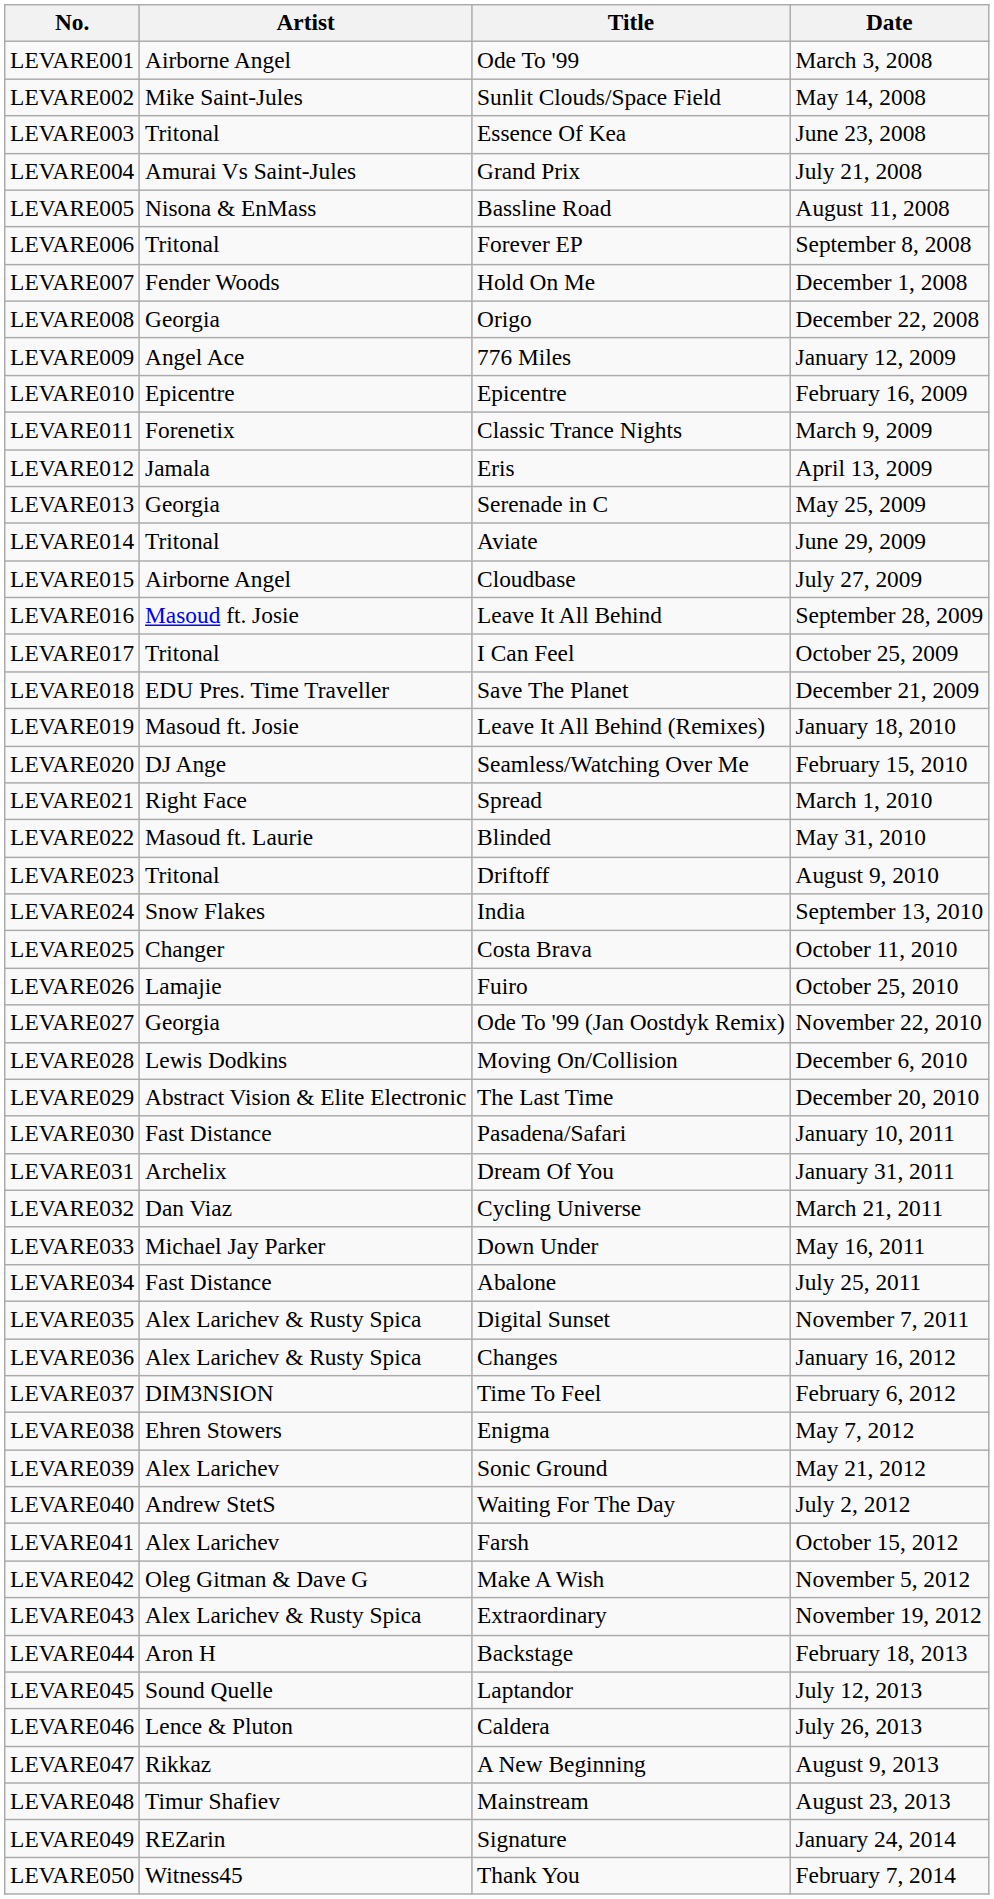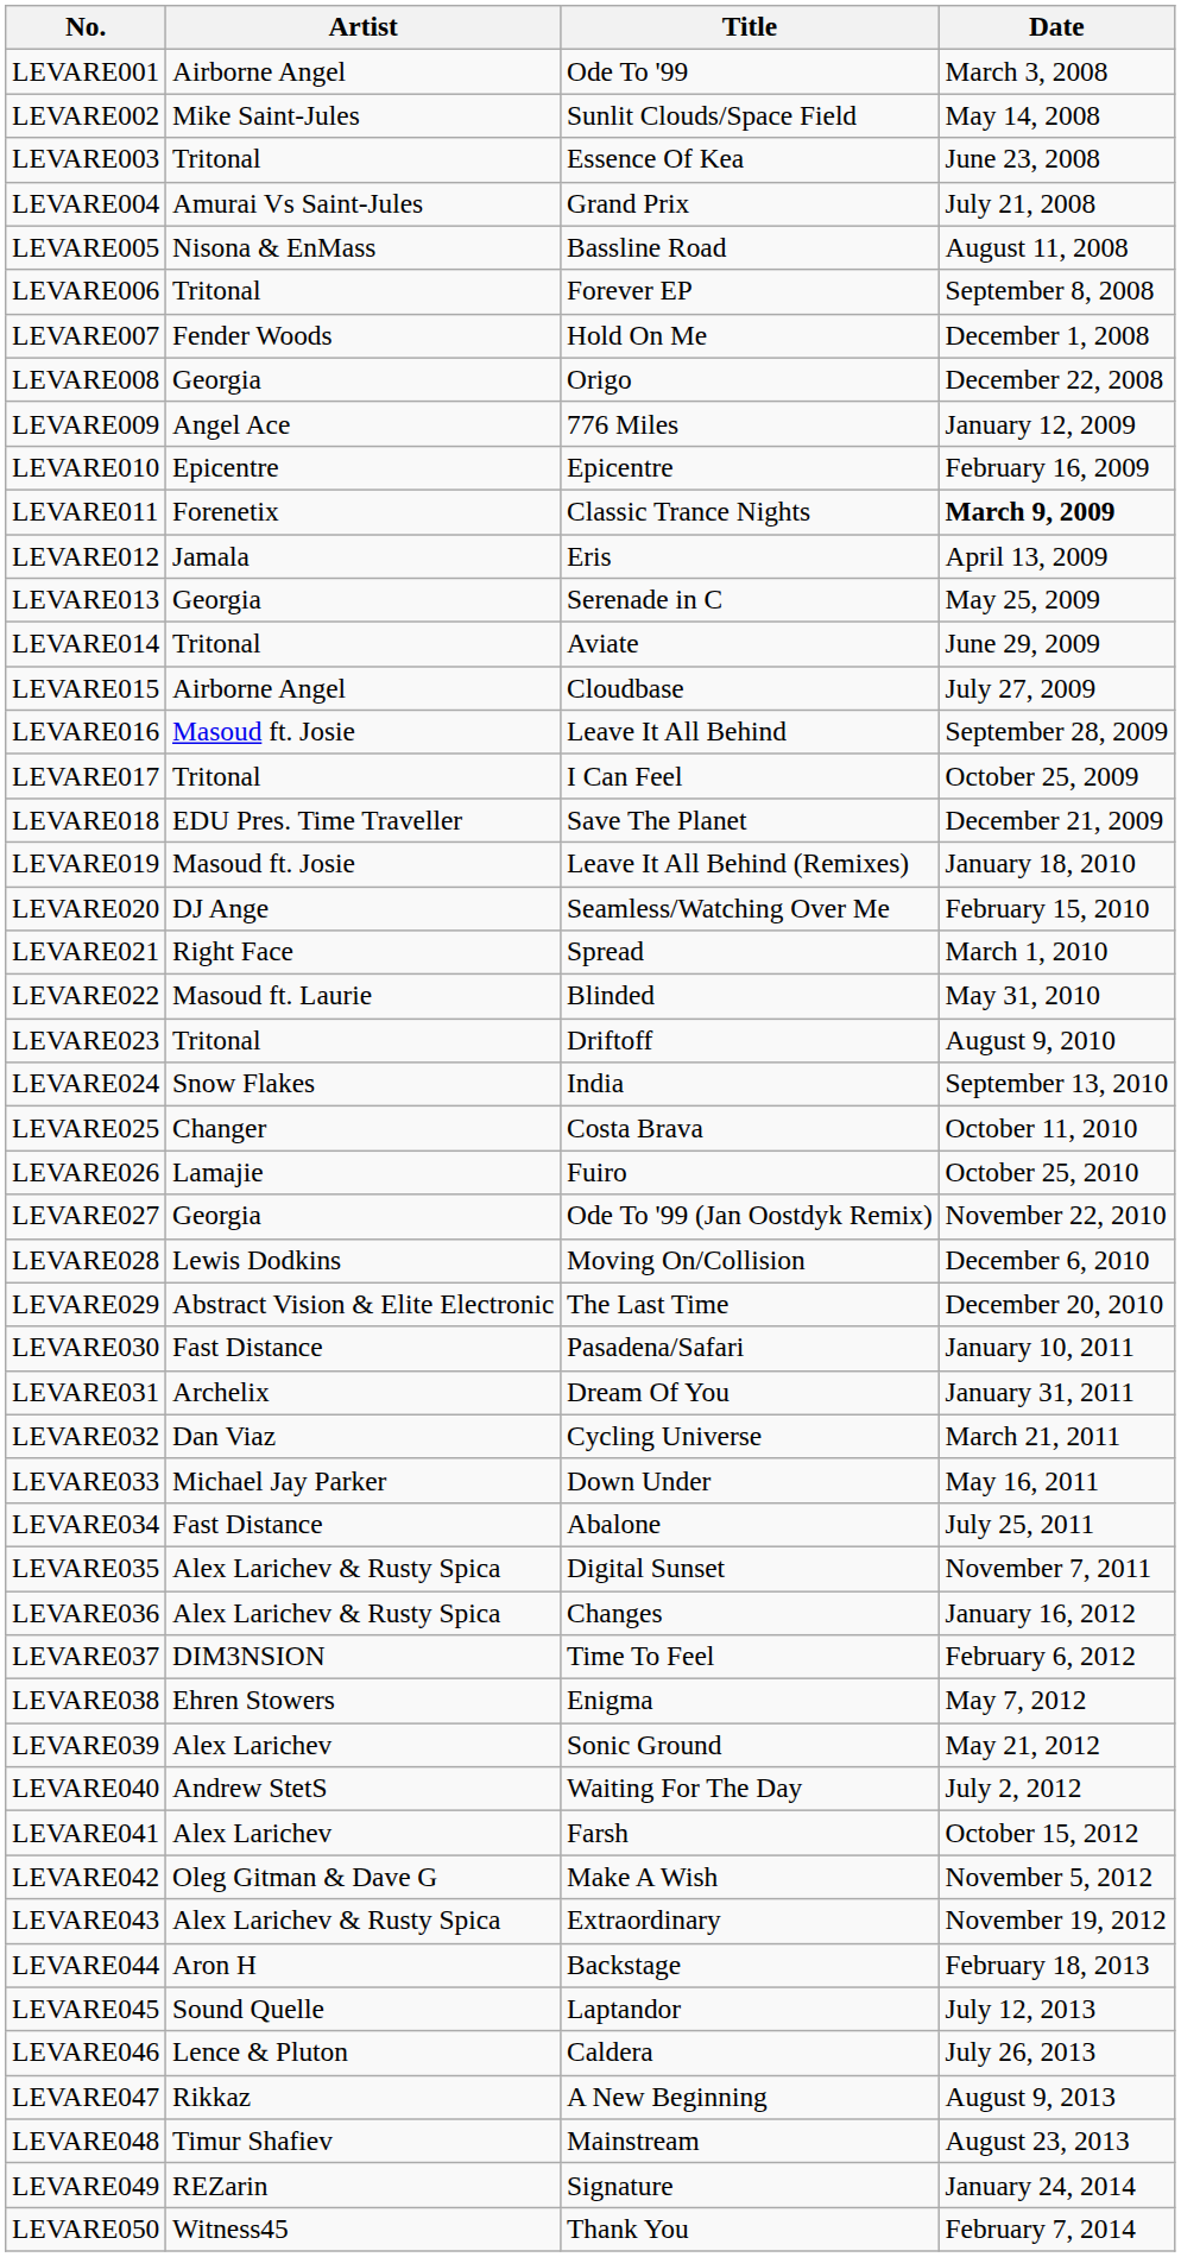 <table class="wikitable sortable">
 <tr>
 <th>No.</th>
 <th>Artist</th>
 <th>Title</th>
 <th>Date</th>
 </tr>
 <tr>
 <td>LEVARE001</td>
 <td>Airborne Angel</td>
 <td>Ode To '99</td>
 <td>March 3, 2008</td>
 </tr>
 <tr>
 <td>LEVARE002</td>
 <td>Mike Saint-Jules</td>
 <td>Sunlit Clouds/Space Field</td>
 <td>May 14, 2008</td>
 </tr>
 <tr>
 <td>LEVARE003</td>
 <td>Tritonal</td>
 <td>Essence Of Kea</td>
 <td>June 23, 2008</td>
 </tr>
 <tr>
 <td>LEVARE004</td>
 <td>Amurai Vs Saint-Jules</td>
 <td>Grand Prix</td>
 <td>July 21, 2008</td>
 </tr>
 <tr>
 <td>LEVARE005</td>
 <td>Nisona & EnMass</td>
 <td>Bassline Road</td>
 <td>August 11, 2008</td>
 </tr>
 <tr>
 <td>LEVARE006</td>
 <td>Tritonal</td>
 <td>Forever EP</td>
 <td>September 8, 2008</td>
 </tr>
 <tr>
 <td>LEVARE007</td>
 <td>Fender Woods</td>
 <td>Hold On Me</td>
 <td>December 1, 2008</td>
 </tr>
 <tr>
 <td>LEVARE008</td>
 <td>Georgia</td>
 <td>Origo</td>
 <td>December 22, 2008</td>
 </tr>
 <tr>
 <td>LEVARE009</td>
 <td>Angel Ace</td>
 <td>776 Miles</td>
 <td>January 12, 2009</td>
 </tr>
 <tr>
 <td>LEVARE010</td>
 <td>Epicentre</td>
 <td>Epicentre</td>
 <td>February 16, 2009</td>
 </tr>
 <tr>
 <td>LEVARE011</td>
 <td>Forenetix</td>
 <td>Classic Trance Nights</td>
-<td>March 9, 2009</td>
+<td><strong>March 9, 2009</strong></td>
 </tr>
 <tr>
 <td>LEVARE012</td>
 <td>Jamala</td>
 <td>Eris</td>
 <td>April 13, 2009</td>
 </tr>
 <tr>
 <td>LEVARE013</td>
 <td>Georgia</td>
 <td>Serenade in C</td>
 <td>May 25, 2009</td>
 </tr>
 <tr>
 <td>LEVARE014</td>
 <td>Tritonal</td>
 <td>Aviate</td>
 <td>June 29, 2009</td>
 </tr>
 <tr>
 <td>LEVARE015</td>
 <td>Airborne Angel</td>
 <td>Cloudbase</td>
 <td>July 27, 2009</td>
 </tr>
 <tr>
 <td>LEVARE016</td>
 <td><a href='#'>Masoud</a> ft. Josie</td>
 <td>Leave It All Behind</td>
 <td>September 28, 2009</td>
 </tr>
 <tr>
 <td>LEVARE017</td>
 <td>Tritonal</td>
 <td>I Can Feel</td>
 <td>October 25, 2009</td>
 </tr>
 <tr>
 <td>LEVARE018</td>
 <td>EDU Pres. Time Traveller</td>
 <td>Save The Planet</td>
 <td>December 21, 2009</td>
 </tr>
 <tr>
 <td>LEVARE019</td>
 <td>Masoud ft. Josie</td>
 <td>Leave It All Behind (Remixes)</td>
 <td>January 18, 2010</td>
 </tr>
 <tr>
 <td>LEVARE020</td>
 <td>DJ Ange</td>
 <td>Seamless/Watching Over Me</td>
 <td>February 15, 2010</td>
 </tr>
 <tr>
 <td>LEVARE021</td>
 <td>Right Face</td>
 <td>Spread</td>
 <td>March 1, 2010</td>
 </tr>
 <tr>
 <td>LEVARE022</td>
 <td>Masoud ft. Laurie</td>
 <td>Blinded</td>
 <td>May 31, 2010</td>
 </tr>
 <tr>
 <td>LEVARE023</td>
 <td>Tritonal</td>
 <td>Driftoff</td>
 <td>August 9, 2010</td>
 </tr>
 <tr>
 <td>LEVARE024</td>
 <td>Snow Flakes</td>
 <td>India</td>
 <td>September 13, 2010</td>
 </tr>
 <tr>
 <td>LEVARE025</td>
 <td>Changer</td>
 <td>Costa Brava</td>
 <td>October 11, 2010</td>
 </tr>
 <tr>
 <td>LEVARE026</td>
 <td>Lamajie</td>
 <td>Fuiro</td>
 <td>October 25, 2010</td>
 </tr>
 <tr>
 <td>LEVARE027</td>
 <td>Georgia</td>
 <td>Ode To '99 (Jan Oostdyk Remix)</td>
 <td>November 22, 2010</td>
 </tr>
 <tr>
 <td>LEVARE028</td>
 <td>Lewis Dodkins</td>
 <td>Moving On/Collision</td>
 <td>December 6, 2010</td>
 </tr>
 <tr>
 <td>LEVARE029</td>
 <td>Abstract Vision & Elite Electronic</td>
 <td>The Last Time</td>
 <td>December 20, 2010</td>
 </tr>
 <tr>
 <td>LEVARE030</td>
 <td>Fast Distance</td>
 <td>Pasadena/Safari</td>
 <td>January 10, 2011</td>
 </tr>
 <tr>
 <td>LEVARE031</td>
 <td>Archelix</td>
 <td>Dream Of You</td>
 <td>January 31, 2011</td>
 </tr>
 <tr>
 <td>LEVARE032</td>
 <td>Dan Viaz</td>
 <td>Cycling Universe</td>
 <td>March 21, 2011</td>
 </tr>
 <tr>
 <td>LEVARE033</td>
 <td>Michael Jay Parker</td>
 <td>Down Under</td>
 <td>May 16, 2011</td>
 </tr>
 <tr>
 <td>LEVARE034</td>
 <td>Fast Distance</td>
 <td>Abalone</td>
 <td>July 25, 2011</td>
 </tr>
 <tr>
 <td>LEVARE035</td>
 <td>Alex Larichev & Rusty Spica</td>
 <td>Digital Sunset</td>
 <td>November 7, 2011</td>
 </tr>
 <tr>
 <td>LEVARE036</td>
 <td>Alex Larichev & Rusty Spica</td>
 <td>Changes</td>
 <td>January 16, 2012</td>
 </tr>
 <tr>
 <td>LEVARE037</td>
 <td>DIM3NSION</td>
 <td>Time To Feel</td>
 <td>February 6, 2012</td>
 </tr>
 <tr>
 <td>LEVARE038</td>
 <td>Ehren Stowers</td>
 <td>Enigma</td>
 <td>May 7, 2012</td>
 </tr>
 <tr>
 <td>LEVARE039</td>
 <td>Alex Larichev</td>
 <td>Sonic Ground</td>
 <td>May 21, 2012</td>
 </tr>
 <tr>
 <td>LEVARE040</td>
 <td>Andrew StetS</td>
 <td>Waiting For The Day</td>
 <td>July 2, 2012</td>
 </tr>
 <tr>
 <td>LEVARE041</td>
 <td>Alex Larichev</td>
 <td>Farsh</td>
 <td>October 15, 2012</td>
 </tr>
 <tr>
 <td>LEVARE042</td>
 <td>Oleg Gitman & Dave G</td>
 <td>Make A Wish</td>
 <td>November 5, 2012</td>
 </tr>
 <tr>
 <td>LEVARE043</td>
 <td>Alex Larichev & Rusty Spica</td>
 <td>Extraordinary</td>
 <td>November 19, 2012</td>
 </tr>
 <tr>
 <td>LEVARE044</td>
 <td>Aron H</td>
 <td>Backstage</td>
 <td>February 18, 2013</td>
 </tr>
 <tr>
 <td>LEVARE045</td>
 <td>Sound Quelle</td>
 <td>Laptandor</td>
 <td>July 12, 2013</td>
 </tr>
 <tr>
 <td>LEVARE046</td>
 <td>Lence & Pluton</td>
 <td>Caldera</td>
 <td>July 26, 2013</td>
 </tr>
 <tr>
 <td>LEVARE047</td>
 <td>Rikkaz</td>
 <td>A New Beginning</td>
 <td>August 9, 2013</td>
 </tr>
 <tr>
 <td>LEVARE048</td>
 <td>Timur Shafiev</td>
 <td>Mainstream</td>
 <td>August 23, 2013</td>
 </tr>
 <tr>
 <td>LEVARE049</td>
 <td>REZarin</td>
 <td>Signature</td>
 <td>January 24, 2014</td>
 </tr>
 <tr>
 <td>LEVARE050</td>
 <td>Witness45</td>
 <td>Thank You</td>
 <td>February 7, 2014</td>
 </tr>
 </table>
